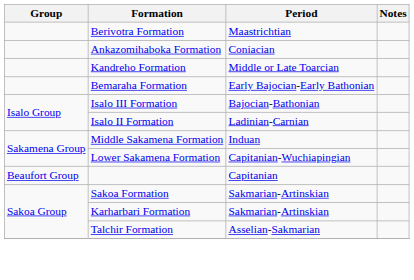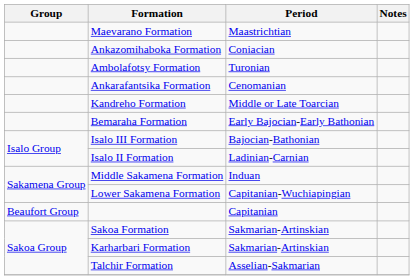 <table class="wikitable sortable">
 <tr>
 <th>Group</th>
 <th>Formation</th>
 <th>Period</th>
 <th class="unsortable">Notes</th>
 </tr>
 <tr>
 <td></td>
-<td><a href='#'>Berivotra Formation</a></td>
+<td><a href='#'>Maevarano Formation</a></td>
 <td style="background-color: "><a href='#'>Maastrichtian</a></td>
 <td align=center></td>
 </tr>
 <tr>
 <td></td>
 <td><a href='#'>Ankazomihaboka Formation</a></td>
 <td style="background-color: "><a href='#'>Coniacian</a></td>
+<td align=center></td>
+</tr>
+<tr>
+<td></td>
+<td><a href='#'>Ambolafotsy Formation</a></td>
+<td style="background-color: "><a href='#'>Turonian</a></td>
+<td align=center></td>
+</tr>
+<tr>
+<td></td>
+<td><a href='#'>Ankarafantsika Formation</a></td>
+<td style="background-color: "><a href='#'>Cenomanian</a></td>
 <td align=center></td>
 </tr>
 <tr>
 <td></td>
 <td><a href='#'>Kandreho Formation</a></td>
 <td style="background-color: "><a href='#'>Middle or Late Toarcian</a></td>
 <td align=center></td>
 </tr>
 <tr>
 <td></td>
 <td><a href='#'>Bemaraha Formation</a></td>
 <td style="background-color: "><a href='#'>Early Bajocian</a>-<a href='#'>Early Bathonian</a></td>
 <td align=center></td>
 </tr>
 <tr>
 <td rowspan=2><a href='#'>Isalo Group</a></td>
 <td><a href='#'>Isalo III Formation</a></td>
 <td style="background-color: "><a href='#'>Bajocian</a>-<a href='#'>Bathonian</a></td>
 <td align=center></td>
 </tr>
 <tr>
 <td><a href='#'>Isalo II Formation</a></td>
 <td style="background-color: "><a href='#'>Ladinian</a>-<a href='#'>Carnian</a></td>
 <td align=center></td>
 </tr>
 <tr>
 <td rowspan=2><a href='#'>Sakamena Group</a></td>
 <td><a href='#'>Middle Sakamena Formation</a></td>
 <td style="background-color: "><a href='#'>Induan</a></td>
 <td align=center></td>
 </tr>
 <tr>
 <td><a href='#'>Lower Sakamena Formation</a></td>
 <td style="background-color: "><a href='#'>Capitanian</a>-<a href='#'>Wuchiapingian</a></td>
 <td align=center></td>
 </tr>
 <tr>
 <td><a href='#'>Beaufort Group</a></td>
 <td></td>
 <td style="background-color: "><a href='#'>Capitanian</a></td>
 <td align=center></td>
 </tr>
 <tr>
 <td rowspan=3><a href='#'>Sakoa Group</a></td>
 <td><a href='#'>Sakoa Formation</a></td>
 <td style="background-color: "><a href='#'>Sakmarian</a>-<a href='#'>Artinskian</a></td>
 <td align=center></td>
 </tr>
 <tr>
 <td><a href='#'>Karharbari Formation</a></td>
 <td style="background-color: "><a href='#'>Sakmarian</a>-<a href='#'>Artinskian</a></td>
 <td align=center></td>
 </tr>
 <tr>
 <td><a href='#'>Talchir Formation</a></td>
 <td style="background-color: "><a href='#'>Asselian</a>-<a href='#'>Sakmarian</a></td>
 <td align=center></td>
 </tr>
 <tr>
 </tr>
 </table>
